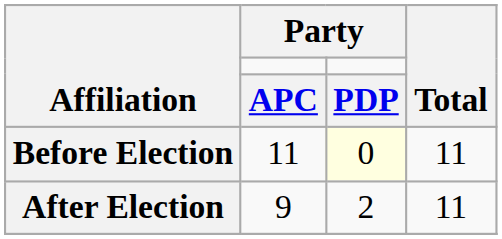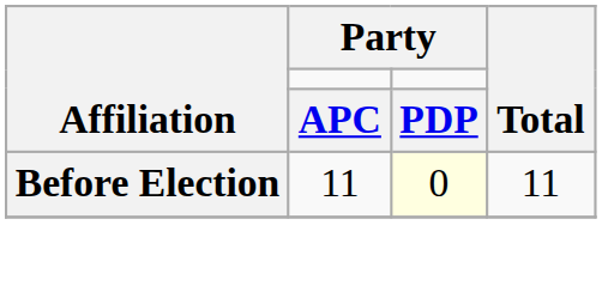 <table class=wikitable style="text-align:center">
 <tr style="vertical-align:bottom;">
 <th rowspan=3>Affiliation</th>
 <th colspan="2">Party</th>
 <th rowspan=3>Total</th>
 </tr>
 <tr>
 <td style="background-color:"></td>
 <td style="background-color:"></td>
 </tr>
 <tr>
 <th><a href='#'>APC</a></th>
 <th><a href='#'>PDP</a></th>
 </tr>
 <tr>
 <th>Before Election</th>
 <td>11</td>
 <td style="background: lightyellow;">0</td>
 <td>11</td>
 </tr>
 <tr>
-<th>After Election</th>
-<td>9</td>
-<td>2</td>
-<td>11</td>
-</tr>
-<tr>
 </tr>
 </table>
